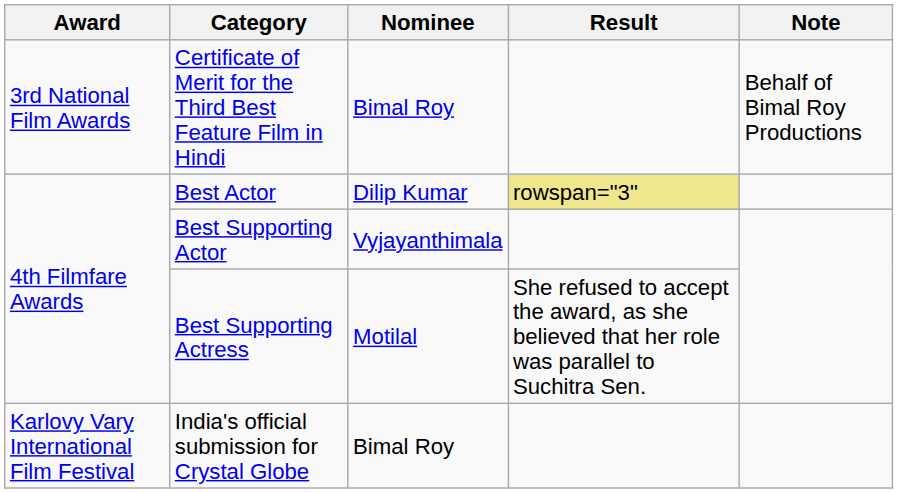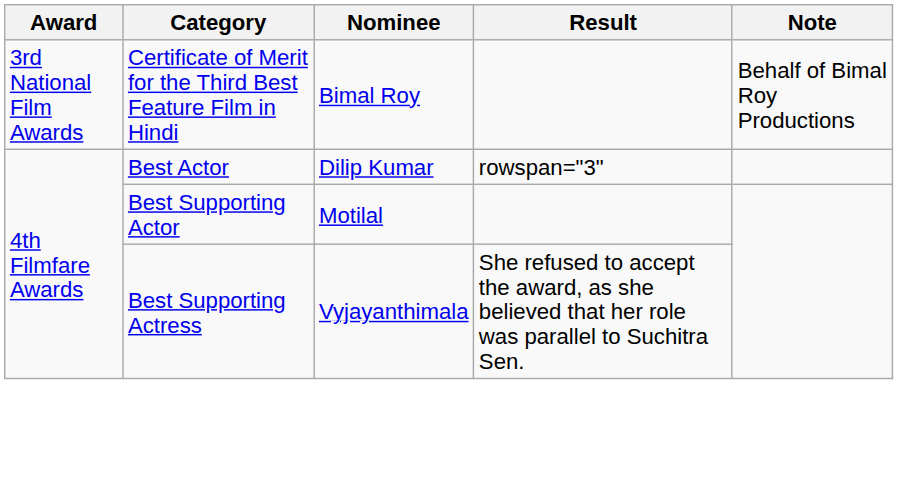 <table class="wikitable" style="font-size:95%;">
 <tr>
 <th>Award</th>
 <th>Category</th>
 <th>Nominee</th>
 <th>Result</th>
 <th>Note</th>
 </tr>
 <tr>
 <td><a href='#'>3rd National Film Awards</a></td>
 <td><a href='#'>Certificate of Merit for the Third Best Feature Film in Hindi</a></td>
 <td><a href='#'>Bimal Roy</a></td>
 <td></td>
 <td>Behalf of Bimal Roy Productions</td>
 </tr>
 <tr>
 <td rowspan="3"><a href='#'>4th Filmfare Awards</a><br></td>
 <td><a href='#'>Best Actor</a></td>
 <td><a href='#'>Dilip Kumar</a></td>
-<td style="background: khaki;">rowspan="3" </td>
+<td>rowspan="3" </td>
 <td></td>
 </tr>
 <tr>
 <td><a href='#'>Best Supporting Actor</a></td>
-<td><a href='#'>Vyjayanthimala</a></td>
+<td><a href='#'>Motilal</a></td>
 <td></td>
 </tr>
 <tr>
 <td><a href='#'>Best Supporting Actress</a></td>
-<td><a href='#'>Motilal</a></td>
+<td><a href='#'>Vyjayanthimala</a></td>
 <td>She refused to accept the award, as she believed that her role was parallel to Suchitra Sen.</td>
 </tr>
-<tr>
-<td><a href='#'>Karlovy Vary International Film Festival</a></td>
-<td>India's official submission for <a href='#'>Crystal Globe</a></td>
-<td>Bimal Roy</td>
-<td></td>
-<td></td>
-</tr>
 </table>
